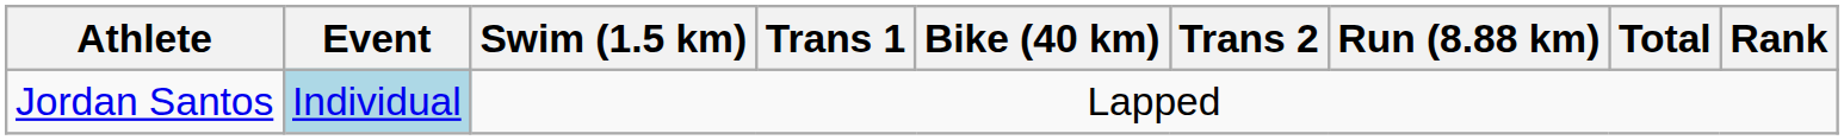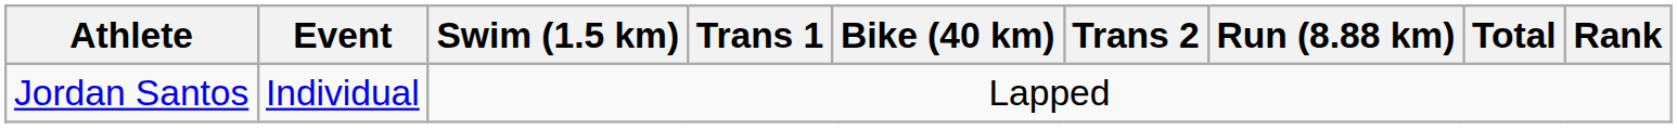 <table class="wikitable" style="font-size:90%">
 <tr>
 <th>Athlete</th>
 <th>Event</th>
 <th>Swim (1.5 km)</th>
 <th>Trans 1</th>
 <th>Bike (40 km)</th>
 <th>Trans 2</th>
 <th>Run (8.88 km)</th>
 <th>Total</th>
 <th>Rank</th>
 </tr>
 <tr>
 <td><a href='#'>Jordan Santos</a></td>
-<td style="background: lightblue;"><a href='#'>Individual</a></td>
+<td><a href='#'>Individual</a></td>
 <td colspan="7" align=center>Lapped</td>
 </tr>
 </table>
